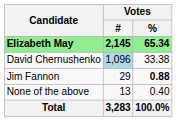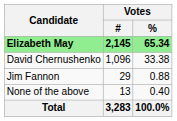 <table class="wikitable">
 <tr>
 <th rowspan=2>Candidate</th>
 <th colspan=2>Votes</th>
 </tr>
 <tr>
 <th>#</th>
 <th>%</th>
 </tr>
 <tr style="background:lightgreen;">
 <td><strong>Elizabeth May</strong></td>
 <td align=right><strong>2,145</strong></td>
 <td align=right><strong>65.34</strong></td>
 </tr>
 <tr>
 <td>David Chernushenko</td>
-<td align=right style="background: lightblue;">1,096</td>
+<td align=right>1,096</td>
 <td align=right>33.38</td>
 </tr>
 <tr>
 <td>Jim Fannon</td>
 <td align=right>29</td>
-<td align=right><strong>0.88</strong></td>
+<td align=right>0.88</td>
 </tr>
 <tr>
 <td>None of the above</td>
 <td align=right>13</td>
 <td align=right>0.40</td>
 </tr>
 <tr>
 <th>Total</th>
 <th align=right>3,283</th>
 <th align=right>100.0%</th>
 </tr>
 </table>
